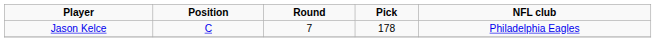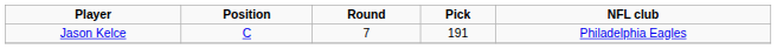 <table class="wikitable" width="80%">
 <tr align="center">
 <td><strong>Player</strong></td>
 <td><strong>Position</strong></td>
 <td><strong>Round</strong></td>
 <td><strong>Pick</strong></td>
 <td><strong>NFL club</strong></td>
 </tr>
 <tr align="center" bgcolor="">
 <td><a href='#'>Jason Kelce</a></td>
 <td><a href='#'>C</a></td>
 <td>7</td>
-<td>178</td>
+<td>191</td>
 <td><a href='#'>Philadelphia Eagles</a></td>
 </tr>
 <tr align="center" bgcolor="">
 </tr>
 </table>
